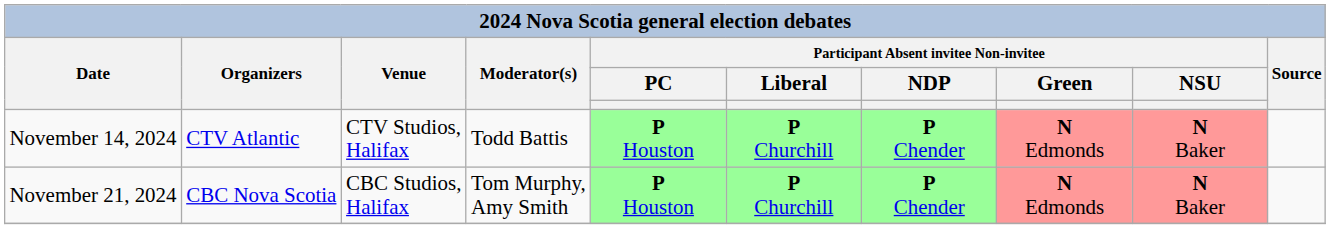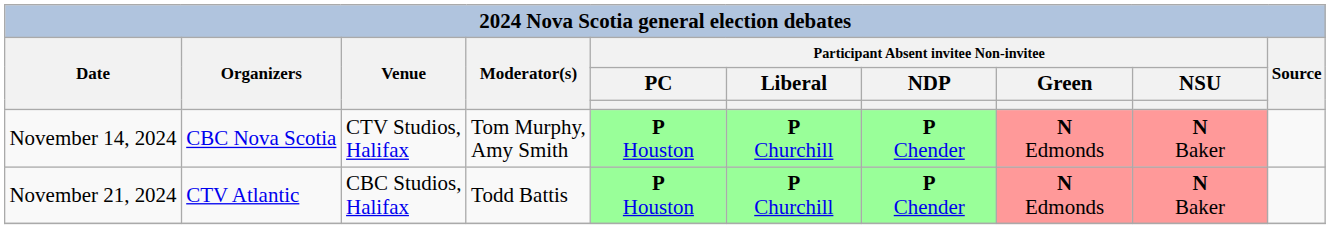 <table class="wikitable" style="text-justify: none">
 <tr>
 <th style="background:#B0C4DE" colspan="19">2024 Nova Scotia general election debates</th>
 </tr>
 <tr style="font-size:small;">
 <th rowspan="3">Date</th>
 <th rowspan="3">Organizers</th>
 <th rowspan="3">Venue</th>
 <th rowspan="3">Moderator(s)</th>
 <th colspan="5"><small> Participant  Absent invitee  Non-invitee</small></th>
 <th rowspan="3">Source</th>
 </tr>
 <tr>
 <th style="width:6em;">PC</th>
 <th style="width:6em;">Liberal</th>
 <th style="width:6em;">NDP</th>
 <th style="width:6em;">Green</th>
 <th style="width:6em;">NSU</th>
 </tr>
 <tr>
 <th style="background:"></th>
 <th style="background:"></th>
 <th style="background:"></th>
 <th style="background:"></th>
 <th style="background:"></th>
 </tr>
 <tr>
 <td>November 14, 2024</td>
-<td><a href='#'>CTV Atlantic</a></td>
+<td><a href='#'>CBC Nova Scotia</a></td>
 <td>CTV Studios, <br> <a href='#'>Halifax</a></td>
-<td>Todd Battis</td>
+<td>Tom Murphy, <br> Amy Smith</td>
 <td style="background-color:#99ff99; color:black; text-align:center;"><strong>P</strong> <br> <a href='#'>Houston</a></td>
 <td style="background-color:#99ff99; color:black; text-align:center;"><strong>P</strong> <br> <a href='#'>Churchill</a></td>
 <td style="background-color:#99ff99; color:black; text-align:center;"><strong>P</strong> <br> <a href='#'>Chender</a></td>
 <td style="background-color:#ff9999; color:black; text-align:center;"><strong>N</strong> <br> Edmonds</td>
 <td style="background-color:#ff9999; color:black; text-align:center;"><strong>N</strong> <br> Baker</td>
 <td></td>
 </tr>
 <tr>
 <td>November 21, 2024</td>
-<td><a href='#'>CBC Nova Scotia</a></td>
+<td><a href='#'>CTV Atlantic</a></td>
 <td>CBC Studios, <br> <a href='#'>Halifax</a></td>
-<td>Tom Murphy, <br> Amy Smith</td>
+<td>Todd Battis</td>
 <td style="background-color:#99ff99; color:black; text-align:center;"><strong>P</strong> <br> <a href='#'>Houston</a></td>
 <td style="background-color:#99ff99; color:black; text-align:center;"><strong>P</strong> <br> <a href='#'>Churchill</a></td>
 <td style="background-color:#99ff99; color:black; text-align:center;"><strong>P</strong> <br> <a href='#'>Chender</a></td>
 <td style="background-color:#ff9999; color:black; text-align:center;"><strong>N</strong> <br> Edmonds</td>
 <td style="background-color:#ff9999; color:black; text-align:center;"><strong>N</strong> <br> Baker</td>
 <td></td>
 </tr>
 <tr>
 </tr>
 </table>
